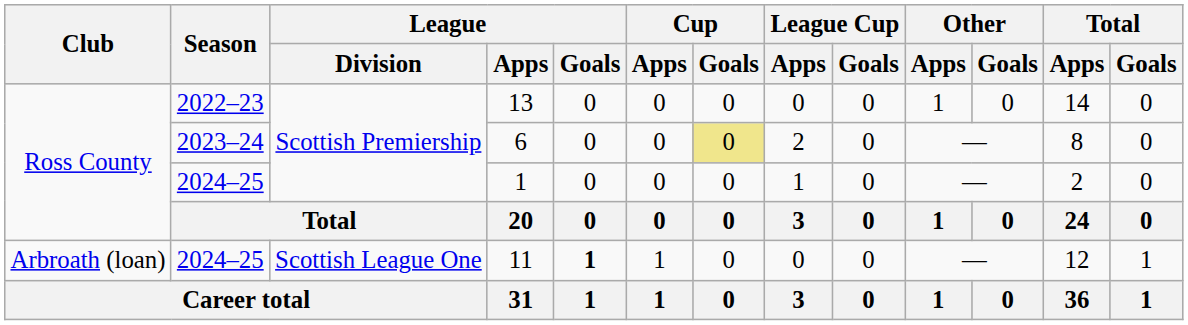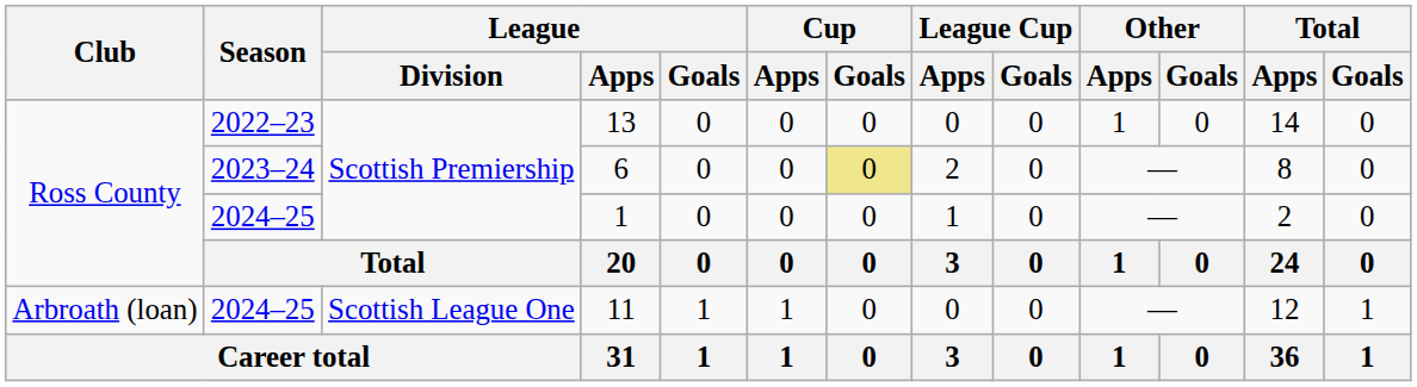 <table class="wikitable" style="text-align: center;">
 <tr>
 <th rowspan="2">Club</th>
 <th rowspan="2">Season</th>
 <th colspan="3">League</th>
 <th colspan="2">Cup</th>
 <th colspan="2">League Cup</th>
 <th colspan="2">Other</th>
 <th colspan="2">Total</th>
 </tr>
 <tr>
 <th>Division</th>
 <th>Apps</th>
 <th>Goals</th>
 <th>Apps</th>
 <th>Goals</th>
 <th>Apps</th>
 <th>Goals</th>
 <th>Apps</th>
 <th>Goals</th>
 <th>Apps</th>
 <th>Goals</th>
 </tr>
 <tr>
 <td rowspan=4><a href='#'>Ross County</a></td>
 <td><a href='#'>2022–23</a></td>
 <td rowspan=3><a href='#'>Scottish Premiership</a></td>
 <td>13</td>
 <td>0</td>
 <td>0</td>
 <td>0</td>
 <td>0</td>
 <td>0</td>
 <td>1</td>
 <td>0</td>
 <td>14</td>
 <td>0</td>
 </tr>
 <tr>
 <td><a href='#'>2023–24</a></td>
 <td>6</td>
 <td>0</td>
 <td>0</td>
 <td style="background: khaki;">0</td>
 <td>2</td>
 <td>0</td>
 <td colspan=2>—</td>
 <td>8</td>
 <td>0</td>
 </tr>
 <tr>
 <td><a href='#'>2024–25</a></td>
 <td>1</td>
 <td>0</td>
 <td>0</td>
 <td>0</td>
 <td>1</td>
 <td>0</td>
 <td colspan=2>—</td>
 <td>2</td>
 <td>0</td>
 </tr>
 <tr>
 <th colspan=2>Total</th>
 <th>20</th>
 <th>0</th>
 <th>0</th>
 <th>0</th>
 <th>3</th>
 <th>0</th>
 <th>1</th>
 <th>0</th>
 <th>24</th>
 <th>0</th>
 </tr>
 <tr>
 <td><a href='#'>Arbroath</a> (loan)</td>
 <td><a href='#'>2024–25</a></td>
 <td><a href='#'>Scottish League One</a></td>
 <td>11</td>
-<td><strong>1</strong></td>
+<td>1</td>
 <td>1</td>
 <td>0</td>
 <td>0</td>
 <td>0</td>
 <td colspan=2>—</td>
 <td>12</td>
 <td>1</td>
 </tr>
 <tr>
 <th colspan=3>Career total</th>
 <th>31</th>
 <th>1</th>
 <th>1</th>
 <th>0</th>
 <th>3</th>
 <th>0</th>
 <th>1</th>
 <th>0</th>
 <th>36</th>
 <th>1</th>
 </tr>
 </table>
